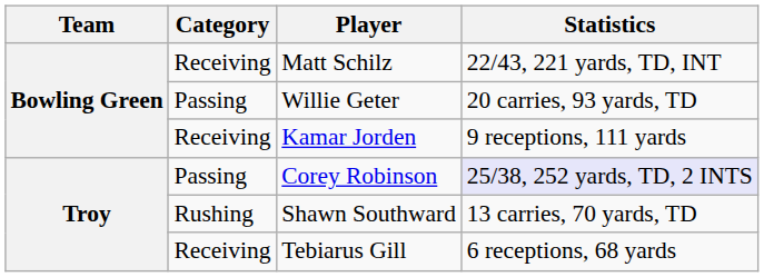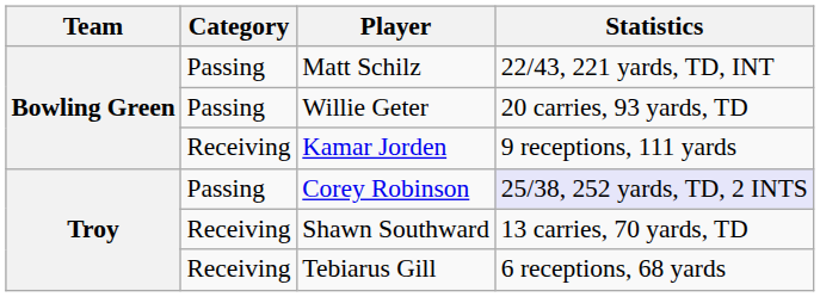 <table class="wikitable" style="float:right">
 <tr>
 <th>Team</th>
 <th>Category</th>
 <th>Player</th>
 <th>Statistics</th>
 </tr>
 <tr>
 <th rowspan=3>Bowling Green</th>
-<td>Receiving</td>
+<td>Passing</td>
 <td>Matt Schilz</td>
 <td>22/43, 221 yards, TD, INT</td>
 </tr>
 <tr>
 <td>Passing</td>
 <td>Willie Geter</td>
 <td>20 carries, 93 yards, TD</td>
 </tr>
 <tr>
 <td>Receiving</td>
 <td><a href='#'>Kamar Jorden</a></td>
 <td>9 receptions, 111 yards</td>
 </tr>
 <tr>
 <th rowspan=3>Troy</th>
 <td>Passing</td>
 <td><a href='#'>Corey Robinson</a></td>
 <td style="background: lavender;">25/38, 252 yards, TD, 2 INTS</td>
 </tr>
 <tr>
-<td>Rushing</td>
+<td>Receiving</td>
 <td>Shawn Southward</td>
 <td>13 carries, 70 yards, TD</td>
 </tr>
 <tr>
 <td>Receiving</td>
 <td>Tebiarus Gill</td>
 <td>6 receptions, 68 yards</td>
 </tr>
 </table>
